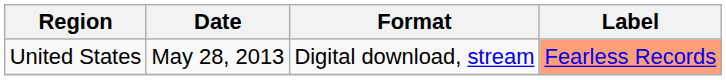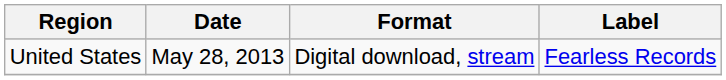 <table class=wikitable>
 <tr>
 <th>Region</th>
 <th>Date</th>
 <th>Format</th>
 <th>Label</th>
 </tr>
 <tr>
 <td>United States</td>
 <td>May 28, 2013</td>
 <td>Digital download, <a href='#'>stream</a></td>
-<td style="background: lightsalmon;"><a href='#'>Fearless Records</a></td>
+<td><a href='#'>Fearless Records</a></td>
 </tr>
 <tr>
 </tr>
 </table>
